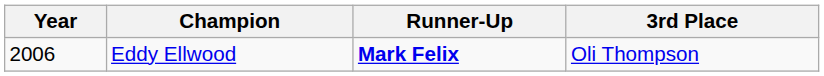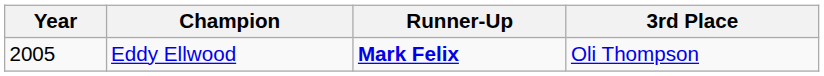 <table class="wikitable" style="display: inline-table;width: 50%;">
 <tr>
 <th>Year</th>
 <th>Champion</th>
 <th>Runner-Up</th>
 <th>3rd Place</th>
 </tr>
 <tr>
-<td>2006</td>
+<td>2005</td>
 <td> <a href='#'>Eddy Ellwood</a></td>
 <td><strong> <a href='#'>Mark Felix</a></strong></td>
 <td> <a href='#'>Oli Thompson</a></td>
 </tr>
 </table>
